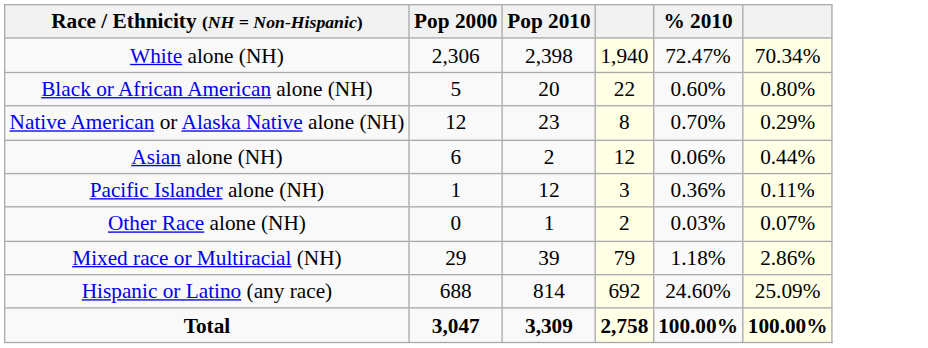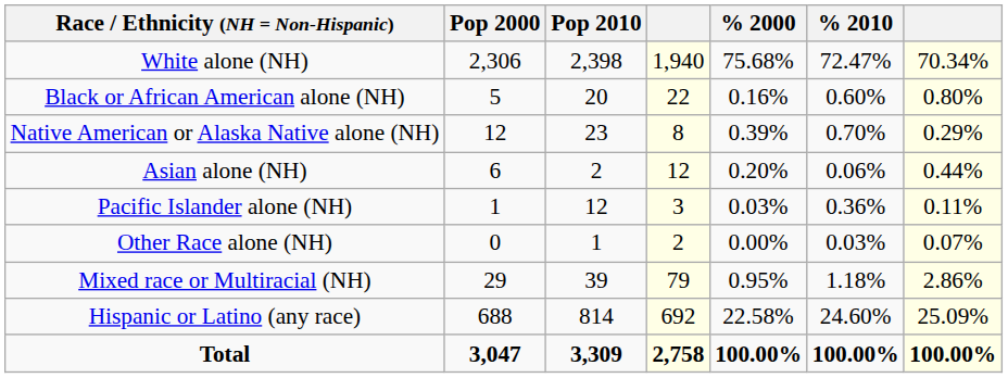 <table class="wikitable" style="text-align:center;">
 <tr>
 <th>Race / Ethnicity <small>(<em>NH = Non-Hispanic</em>)</small></th>
 <th>Pop 2000</th>
 <th>Pop 2010</th>
 <th></th>
+<th>% 2000</th>
 <th>% 2010</th>
 <th></th>
 </tr>
 <tr>
 <td><a href='#'>White</a> alone (NH)</td>
 <td>2,306</td>
 <td>2,398</td>
 <td style='background: #ffffe6;'>1,940</td>
+<td>75.68%</td>
 <td>72.47%</td>
 <td style='background: #ffffe6;'>70.34%</td>
 </tr>
 <tr>
 <td><a href='#'>Black or African American</a> alone (NH)</td>
 <td>5</td>
 <td>20</td>
 <td style='background: #ffffe6;'>22</td>
+<td>0.16%</td>
 <td>0.60%</td>
 <td style='background: #ffffe6;'>0.80%</td>
 </tr>
 <tr>
 <td><a href='#'>Native American</a> or <a href='#'>Alaska Native</a> alone (NH)</td>
 <td>12</td>
 <td>23</td>
 <td style='background: #ffffe6;'>8</td>
+<td>0.39%</td>
 <td>0.70%</td>
 <td style='background: #ffffe6;'>0.29%</td>
 </tr>
 <tr>
 <td><a href='#'>Asian</a> alone (NH)</td>
 <td>6</td>
 <td>2</td>
 <td style='background: #ffffe6;'>12</td>
+<td>0.20%</td>
 <td>0.06%</td>
 <td style='background: #ffffe6;'>0.44%</td>
 </tr>
 <tr>
 <td><a href='#'>Pacific Islander</a> alone (NH)</td>
 <td>1</td>
 <td>12</td>
 <td style='background: #ffffe6;'>3</td>
+<td>0.03%</td>
 <td>0.36%</td>
 <td style='background: #ffffe6;'>0.11%</td>
 </tr>
 <tr>
 <td><a href='#'>Other Race</a> alone (NH)</td>
 <td>0</td>
 <td>1</td>
 <td style='background: #ffffe6;'>2</td>
+<td>0.00%</td>
 <td>0.03%</td>
 <td style='background: #ffffe6;'>0.07%</td>
 </tr>
 <tr>
 <td><a href='#'>Mixed race or Multiracial</a> (NH)</td>
 <td>29</td>
 <td>39</td>
 <td style='background: #ffffe6;'>79</td>
+<td>0.95%</td>
 <td>1.18%</td>
 <td style='background: #ffffe6;'>2.86%</td>
 </tr>
 <tr>
 <td><a href='#'>Hispanic or Latino</a> (any race)</td>
 <td>688</td>
 <td>814</td>
 <td style='background: #ffffe6;'>692</td>
+<td>22.58%</td>
 <td>24.60%</td>
 <td style='background: #ffffe6;'>25.09%</td>
 </tr>
 <tr>
 <td><strong>Total</strong></td>
 <td><strong>3,047</strong></td>
 <td><strong>3,309</strong></td>
 <td style='background: #ffffe6;'><strong>2,758</strong></td>
 <td><strong>100.00%</strong></td>
+<td><strong>100.00%</strong></td>
 <td style='background: #ffffe6;'><strong>100.00%</strong></td>
 </tr>
 </table>
